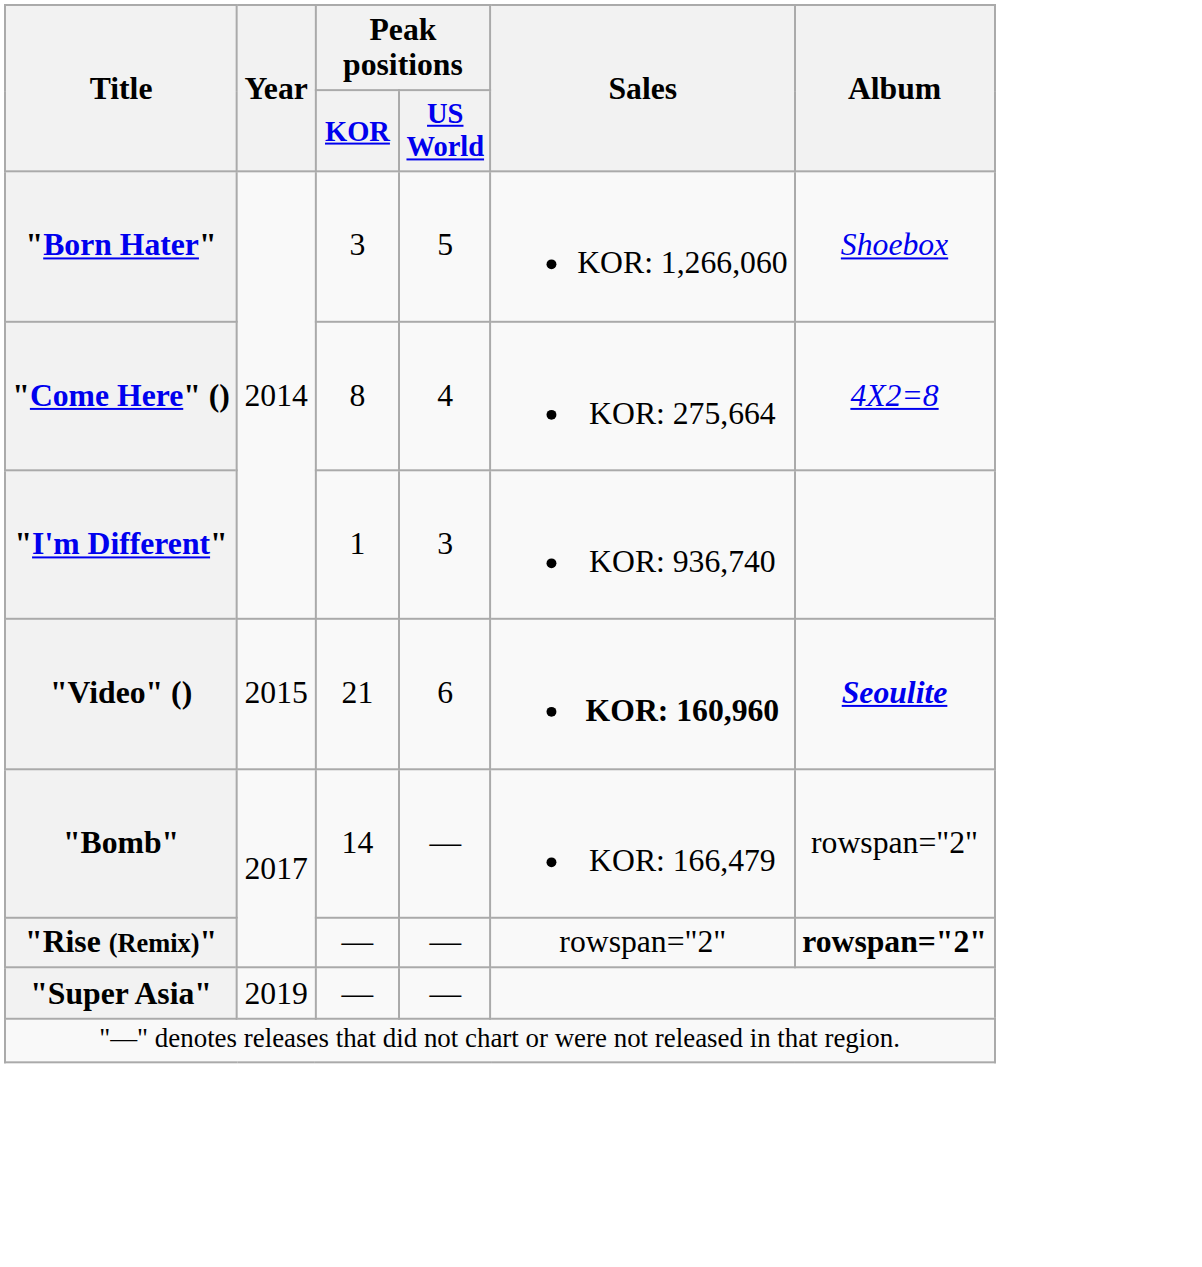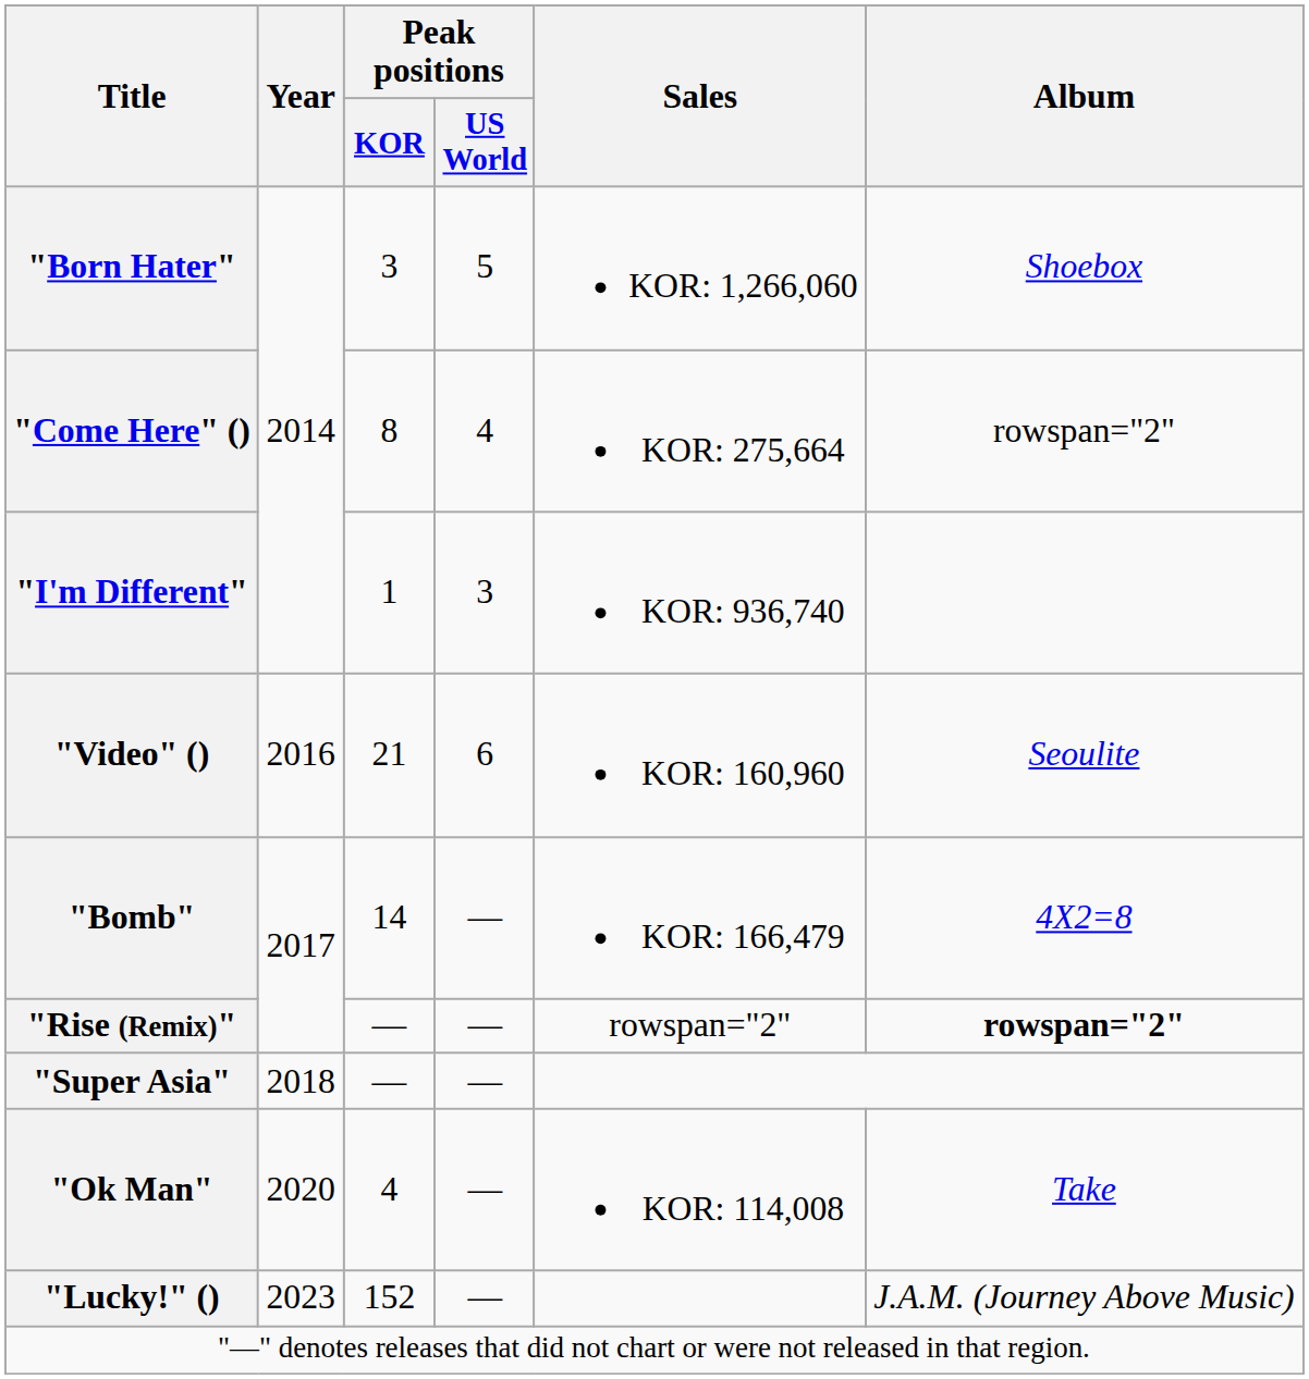 <table class="wikitable plainrowheaders" style="text-align:center;">
 <tr>
 <th scope="col" rowspan="2">Title</th>
 <th scope="col" rowspan="2" style="width:2em;">Year</th>
 <th scope="col" colspan="2">Peak positions</th>
 <th scope="col" rowspan="2">Sales</th>
 <th scope="col" rowspan="2">Album</th>
 </tr>
 <tr>
 <th scope="col" style="width:2.5em;font-size:90%;"><a href='#'>KOR</a><br></th>
 <th scope="col" style="width:2.5em;font-size:90%;"><a href='#'>US World</a><br></th>
 </tr>
 <tr>
 <th scope="row">"<a href='#'>Born Hater</a>"<br></th>
 <td rowspan="3">2014</td>
 <td>3</td>
 <td>5</td>
 <td><br><ul><li>KOR: 1,266,060</li></ul></td>
 <td><em><a href='#'>Shoebox</a></em></td>
 </tr>
 <tr>
 <th scope="row">"<a href='#'>Come Here</a>" ()<br></th>
 <td>8</td>
 <td>4</td>
 <td><br><ul><li>KOR: 275,664</li></ul></td>
-<td><em><a href='#'>4X2=8</a></em></td>
+<td>rowspan="2" </td>
 </tr>
 <tr>
 <th scope="row">"<a href='#'>I'm Different</a>"<br></th>
 <td>1</td>
 <td>3</td>
 <td><br><ul><li>KOR: 936,740</li></ul></td>
 </tr>
 <tr>
 <th scope="row">"Video" ()<br></th>
-<td>2015</td>
+<td>2016</td>
 <td>21</td>
 <td>6</td>
-<td><strong><br><ul><li>KOR: 160,960</li></ul></strong></td>
-<td><strong><em><a href='#'>Seoulite</a></em></strong></td>
+<td><br><ul><li>KOR: 160,960</li></ul></td>
+<td><em><a href='#'>Seoulite</a></em></td>
 </tr>
 <tr>
 <th scope="row">"Bomb"<br></th>
 <td rowspan="2">2017</td>
 <td>14</td>
 <td>—</td>
 <td><br><ul><li>KOR: 166,479</li></ul></td>
-<td>rowspan="2" </td>
+<td><em><a href='#'>4X2=8</a></em></td>
 </tr>
 <tr>
 <th scope="row">"Rise <small>(Remix)</small>"<br></th>
 <td>—</td>
 <td>—</td>
 <td>rowspan="2" </td>
 <td><strong>rowspan="2" </strong></td>
 </tr>
 <tr>
 <th scope="row">"Super Asia"<br></th>
-<td>2019</td>
+<td>2018</td>
 <td>—</td>
 <td>—</td>
+</tr>
+<tr>
+<th scope="row">"Ok Man"<br></th>
+<td>2020</td>
+<td>4</td>
+<td>—</td>
+<td><br><ul><li>KOR: 114,008</li></ul></td>
+<td><em><a href='#'>Take</a></em></td>
+</tr>
+<tr>
+<th scope="row">"Lucky!" ()<br></th>
+<td>2023</td>
+<td>152</td>
+<td>—</td>
+<td></td>
+<td><em>J.A.M. (Journey Above Music)</em></td>
 </tr>
 <tr>
 <td colspan="6" style="font-size:85%">"—" denotes releases that did not chart or were not released in that region.</td>
 </tr>
 </table>
